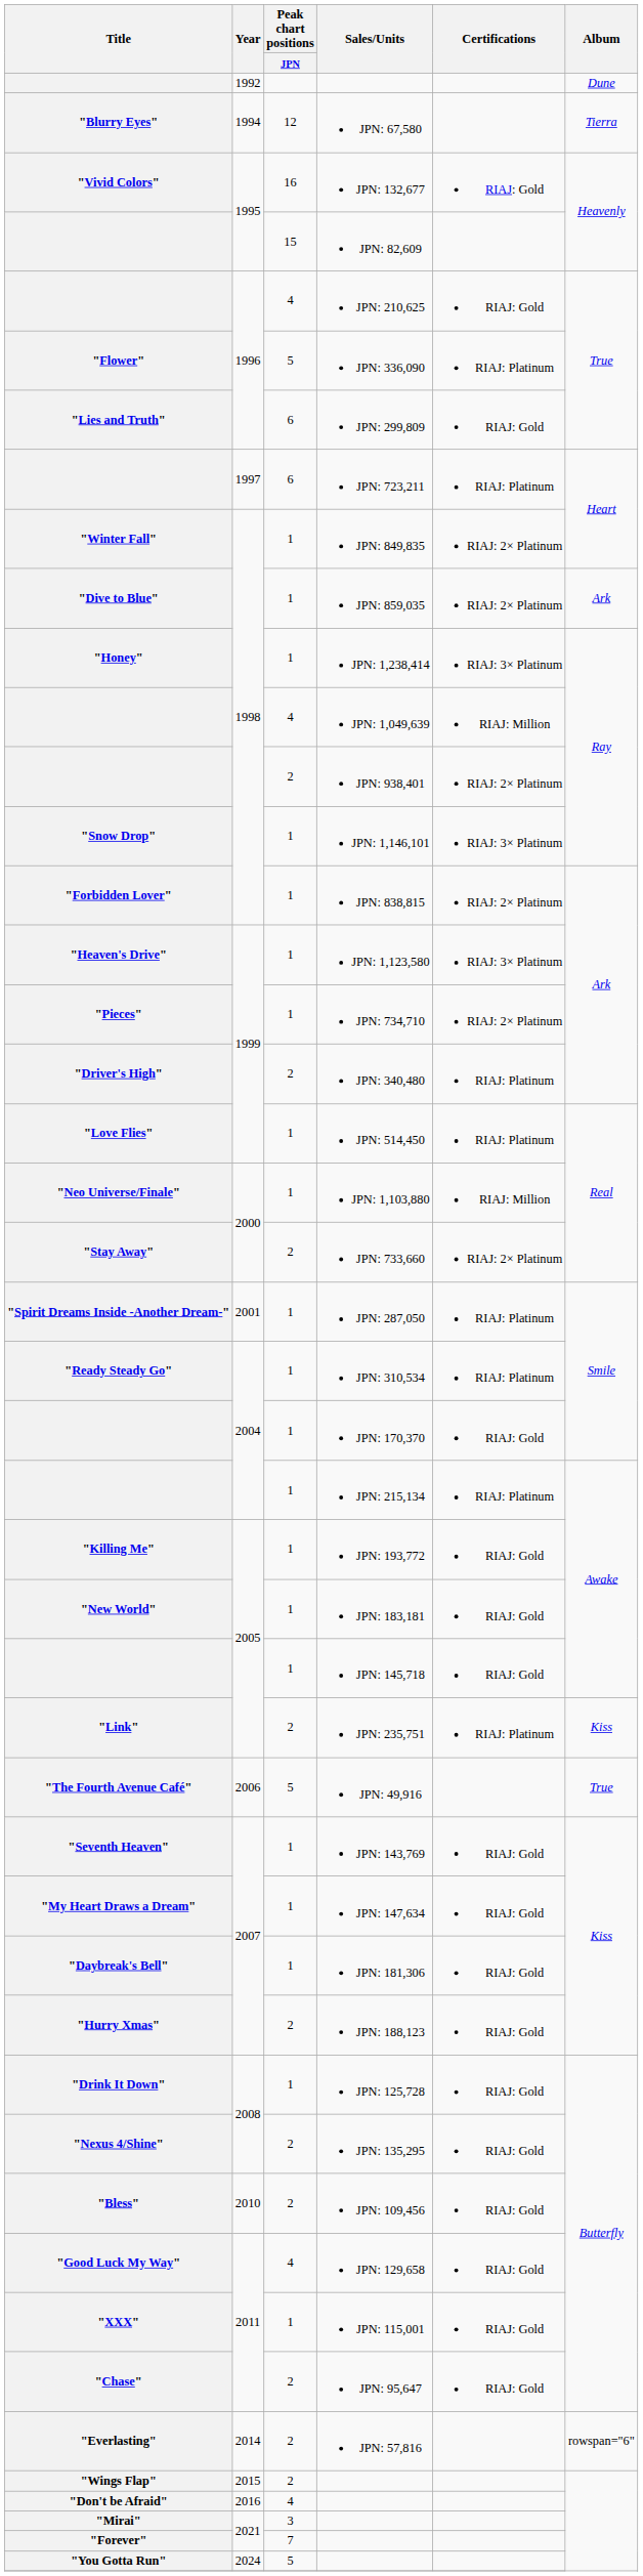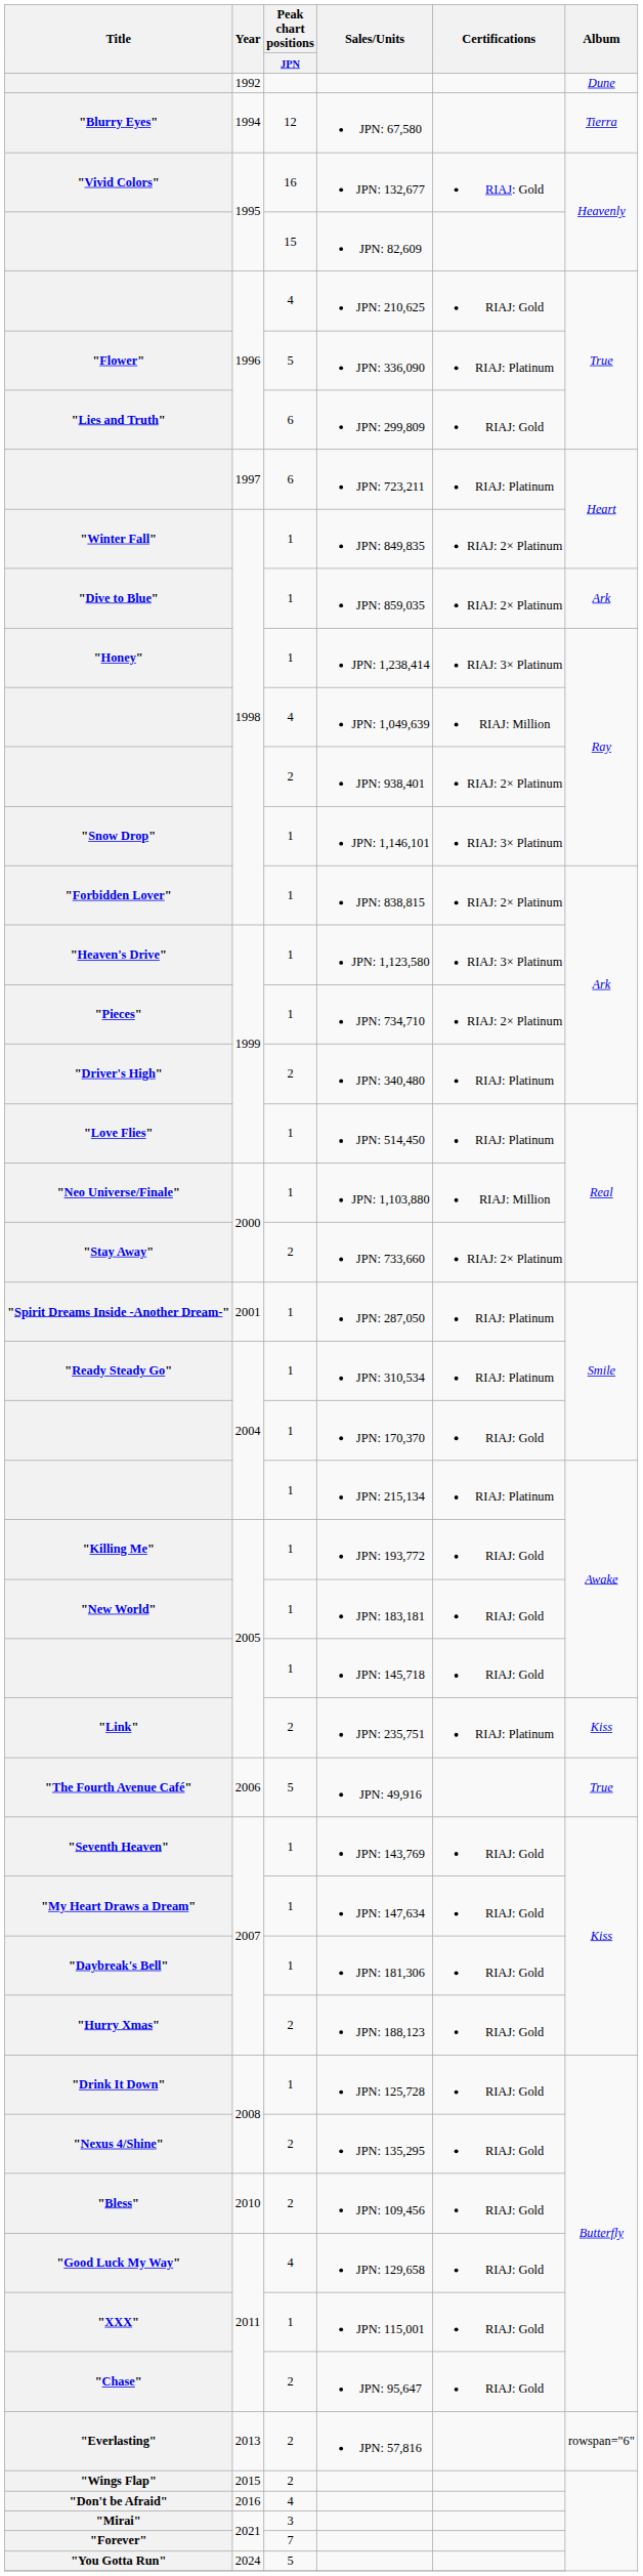 <table class="wikitable plainrowheaders" style="text-align:center;">
 <tr>
 <th rowspan="2" scope="col">Title</th>
 <th rowspan="2" scope="col">Year</th>
 <th colspan="1">Peak chart positions</th>
 <th rowspan="2" scope="col">Sales/Units</th>
 <th rowspan="2">Certifications</th>
 <th rowspan="2">Album</th>
 </tr>
 <tr>
 <th style="width:3em;"><small><a href='#'>JPN</a></small><br></th>
 </tr>
 <tr>
 <th scope="row"></th>
 <td>1992</td>
 <td></td>
 <td></td>
 <td></td>
 <td><em><a href='#'>Dune</a></em></td>
 </tr>
 <tr>
 <th scope="row">"<a href='#'>Blurry Eyes</a>"</th>
 <td>1994</td>
 <td>12</td>
 <td><br><ul><li>JPN: 67,580</li></ul></td>
 <td></td>
 <td><em><a href='#'>Tierra</a></em></td>
 </tr>
 <tr>
 <th scope="row">"<a href='#'>Vivid Colors</a>"</th>
 <td rowspan="2">1995</td>
 <td>16</td>
 <td><br><ul><li>JPN: 132,677</li></ul></td>
 <td><br><ul><li><a href='#'>RIAJ</a>: Gold</li></ul></td>
 <td rowspan="2" style="text-align:center;"><em><a href='#'>Heavenly</a></em></td>
 </tr>
 <tr>
 <th scope="row"></th>
 <td>15</td>
 <td><br><ul><li>JPN: 82,609</li></ul></td>
 <td></td>
 </tr>
 <tr>
 <th scope="row"></th>
 <td rowspan="3">1996</td>
 <td>4</td>
 <td><br><ul><li>JPN: 210,625</li></ul></td>
 <td><br><ul><li>RIAJ: Gold</li></ul></td>
 <td rowspan="3"><em><a href='#'>True</a></em></td>
 </tr>
 <tr>
 <th scope="row">"<a href='#'>Flower</a>"</th>
 <td>5</td>
 <td><br><ul><li>JPN: 336,090</li></ul></td>
 <td><br><ul><li>RIAJ: Platinum</li></ul></td>
 </tr>
 <tr>
 <th scope="row">"<a href='#'>Lies and Truth</a>"</th>
 <td>6</td>
 <td><br><ul><li>JPN: 299,809</li></ul></td>
 <td><br><ul><li>RIAJ: Gold</li></ul></td>
 </tr>
 <tr>
 <th scope="row"></th>
 <td>1997</td>
 <td>6</td>
 <td><br><ul><li>JPN: 723,211</li></ul></td>
 <td><br><ul><li>RIAJ: Platinum</li></ul></td>
 <td rowspan="2"><em><a href='#'>Heart</a></em></td>
 </tr>
 <tr>
 <th scope="row">"<a href='#'>Winter Fall</a>"</th>
 <td rowspan="7">1998</td>
 <td>1</td>
 <td><br><ul><li>JPN: 849,835</li></ul></td>
 <td><br><ul><li>RIAJ: 2× Platinum</li></ul></td>
 </tr>
 <tr>
 <th scope="row">"<a href='#'>Dive to Blue</a>"</th>
 <td>1</td>
 <td><br><ul><li>JPN: 859,035</li></ul></td>
 <td><br><ul><li>RIAJ: 2× Platinum</li></ul></td>
 <td><em><a href='#'>Ark</a></em></td>
 </tr>
 <tr>
 <th scope="row">"<a href='#'>Honey</a>"</th>
 <td>1</td>
 <td><br><ul><li>JPN: 1,238,414</li></ul></td>
 <td><br><ul><li>RIAJ: 3× Platinum</li></ul></td>
 <td rowspan="4"><em><a href='#'>Ray</a></em></td>
 </tr>
 <tr>
 <th scope="row"></th>
 <td>4</td>
 <td><br><ul><li>JPN: 1,049,639</li></ul></td>
 <td><br><ul><li>RIAJ: Million</li></ul></td>
 </tr>
 <tr>
 <th scope="row"></th>
 <td>2</td>
 <td><br><ul><li>JPN: 938,401</li></ul></td>
 <td><br><ul><li>RIAJ: 2× Platinum</li></ul></td>
 </tr>
 <tr>
 <th scope="row">"<a href='#'>Snow Drop</a>"</th>
 <td>1</td>
 <td><br><ul><li>JPN: 1,146,101</li></ul></td>
 <td><br><ul><li>RIAJ: 3× Platinum</li></ul></td>
 </tr>
 <tr>
 <th scope="row">"<a href='#'>Forbidden Lover</a>"</th>
 <td>1</td>
 <td><br><ul><li>JPN: 838,815</li></ul></td>
 <td><br><ul><li>RIAJ: 2× Platinum</li></ul></td>
 <td rowspan="4"><em><a href='#'>Ark</a></em></td>
 </tr>
 <tr>
 <th scope="row">"<a href='#'>Heaven's Drive</a>"</th>
 <td rowspan="4">1999</td>
 <td>1</td>
 <td><br><ul><li>JPN: 1,123,580</li></ul></td>
 <td><br><ul><li>RIAJ: 3× Platinum</li></ul></td>
 </tr>
 <tr>
 <th scope="row">"<a href='#'>Pieces</a>"</th>
 <td>1</td>
 <td><br><ul><li>JPN: 734,710</li></ul></td>
 <td><br><ul><li>RIAJ: 2× Platinum</li></ul></td>
 </tr>
 <tr>
 <th scope="row">"<a href='#'>Driver's High</a>"</th>
 <td>2</td>
 <td><br><ul><li>JPN: 340,480</li></ul></td>
 <td><br><ul><li>RIAJ: Platinum</li></ul></td>
 </tr>
 <tr>
 <th scope="row">"<a href='#'>Love Flies</a>"</th>
 <td>1</td>
 <td><br><ul><li>JPN: 514,450</li></ul></td>
 <td><br><ul><li>RIAJ: Platinum</li></ul></td>
 <td rowspan="3"><em><a href='#'>Real</a></em></td>
 </tr>
 <tr>
 <th scope="row">"<a href='#'>Neo Universe/Finale</a>"</th>
 <td rowspan="2">2000</td>
 <td>1</td>
 <td><br><ul><li>JPN: 1,103,880</li></ul></td>
 <td><br><ul><li>RIAJ: Million</li></ul></td>
 </tr>
 <tr>
 <th scope="row">"<a href='#'>Stay Away</a>"</th>
 <td>2</td>
 <td><br><ul><li>JPN: 733,660</li></ul></td>
 <td><br><ul><li>RIAJ: 2× Platinum</li></ul></td>
 </tr>
 <tr>
 <th scope="row">"<a href='#'>Spirit Dreams Inside -Another Dream-</a>"</th>
 <td>2001</td>
 <td>1</td>
 <td><br><ul><li>JPN: 287,050</li></ul></td>
 <td><br><ul><li>RIAJ: Platinum</li></ul></td>
 <td rowspan="3"><em><a href='#'>Smile</a></em></td>
 </tr>
 <tr>
 <th scope="row">"<a href='#'>Ready Steady Go</a>"</th>
 <td rowspan="3">2004</td>
 <td>1</td>
 <td><br><ul><li>JPN: 310,534</li></ul></td>
 <td><br><ul><li>RIAJ: Platinum</li></ul></td>
 </tr>
 <tr>
 <th scope="row"></th>
 <td>1</td>
 <td><br><ul><li>JPN: 170,370</li></ul></td>
 <td><br><ul><li>RIAJ: Gold</li></ul></td>
 </tr>
 <tr>
 <th scope="row"></th>
 <td>1</td>
 <td><br><ul><li>JPN: 215,134</li></ul></td>
 <td><br><ul><li>RIAJ: Platinum</li></ul></td>
 <td rowspan="4"><em><a href='#'>Awake</a></em></td>
 </tr>
 <tr>
 <th scope="row">"<a href='#'>Killing Me</a>"</th>
 <td rowspan="4">2005</td>
 <td>1</td>
 <td><br><ul><li>JPN: 193,772</li></ul></td>
 <td><br><ul><li>RIAJ: Gold</li></ul></td>
 </tr>
 <tr>
 <th scope="row">"<a href='#'>New World</a>"</th>
 <td>1</td>
 <td><br><ul><li>JPN: 183,181</li></ul></td>
 <td><br><ul><li>RIAJ: Gold</li></ul></td>
 </tr>
 <tr>
 <th scope="row"></th>
 <td>1</td>
 <td><br><ul><li>JPN: 145,718</li></ul></td>
 <td><br><ul><li>RIAJ: Gold</li></ul></td>
 </tr>
 <tr>
 <th scope="row">"<a href='#'>Link</a>"</th>
 <td>2</td>
 <td><br><ul><li>JPN: 235,751</li></ul></td>
 <td><br><ul><li>RIAJ: Platinum</li></ul></td>
 <td><em><a href='#'>Kiss</a></em></td>
 </tr>
 <tr>
 <th scope="row">"<a href='#'>The Fourth Avenue Café</a>"</th>
 <td>2006</td>
 <td>5</td>
 <td><br><ul><li>JPN: 49,916</li></ul></td>
 <td></td>
 <td><em><a href='#'>True</a></em></td>
 </tr>
 <tr>
 <th scope="row">"<a href='#'>Seventh Heaven</a>"</th>
 <td rowspan="4">2007</td>
 <td>1</td>
 <td><br><ul><li>JPN: 143,769</li></ul></td>
 <td><br><ul><li>RIAJ: Gold</li></ul></td>
 <td rowspan="4"><em><a href='#'>Kiss</a></em></td>
 </tr>
 <tr>
 <th scope="row">"<a href='#'>My Heart Draws a Dream</a>"</th>
 <td>1</td>
 <td><br><ul><li>JPN: 147,634</li></ul></td>
 <td><br><ul><li>RIAJ: Gold</li></ul></td>
 </tr>
 <tr>
 <th scope="row">"<a href='#'>Daybreak's Bell</a>"</th>
 <td>1</td>
 <td><br><ul><li>JPN: 181,306</li></ul></td>
 <td><br><ul><li>RIAJ: Gold</li></ul></td>
 </tr>
 <tr>
 <th scope="row">"<a href='#'>Hurry Xmas</a>"</th>
 <td>2</td>
 <td><br><ul><li>JPN: 188,123</li></ul></td>
 <td><br><ul><li>RIAJ: Gold</li></ul></td>
 </tr>
 <tr>
 <th scope="row">"<a href='#'>Drink It Down</a>"</th>
 <td rowspan="2">2008</td>
 <td>1</td>
 <td><br><ul><li>JPN: 125,728</li></ul></td>
 <td><br><ul><li>RIAJ: Gold</li></ul></td>
 <td rowspan="6"><em><a href='#'>Butterfly</a></em></td>
 </tr>
 <tr>
 <th scope="row">"<a href='#'>Nexus 4/Shine</a>"</th>
 <td>2</td>
 <td><br><ul><li>JPN: 135,295</li></ul></td>
 <td><br><ul><li>RIAJ: Gold</li></ul></td>
 </tr>
 <tr>
 <th scope="row">"<a href='#'>Bless</a>"</th>
 <td>2010</td>
 <td>2</td>
 <td><br><ul><li>JPN: 109,456</li></ul></td>
 <td><br><ul><li>RIAJ: Gold</li></ul></td>
 </tr>
 <tr>
 <th scope="row">"<a href='#'>Good Luck My Way</a>"</th>
 <td rowspan="3">2011</td>
 <td>4</td>
 <td><br><ul><li>JPN: 129,658</li></ul></td>
 <td><br><ul><li>RIAJ: Gold</li></ul></td>
 </tr>
 <tr>
 <th scope="row">"<a href='#'>XXX</a>"</th>
 <td>1</td>
 <td><br><ul><li>JPN: 115,001</li></ul></td>
 <td><br><ul><li>RIAJ: Gold</li></ul></td>
 </tr>
 <tr>
 <th scope="row">"<a href='#'>Chase</a>"</th>
 <td>2</td>
 <td><br><ul><li>JPN: 95,647</li></ul></td>
 <td><br><ul><li>RIAJ: Gold</li></ul></td>
 </tr>
 <tr>
 <th scope="row">"Everlasting"</th>
-<td>2014</td>
+<td>2013</td>
 <td>2</td>
 <td><br><ul><li>JPN: 57,816</li></ul></td>
 <td></td>
 <td>rowspan="6" </td>
 </tr>
 <tr>
 <th scope="row">"Wings Flap"</th>
 <td>2015</td>
 <td>2</td>
 <td></td>
 <td></td>
 </tr>
 <tr>
 <th scope="row">"Don't be Afraid"</th>
 <td>2016</td>
 <td>4</td>
 <td></td>
 <td></td>
 </tr>
 <tr>
 <th scope="row">"Mirai"</th>
 <td rowspan="2">2021</td>
 <td>3</td>
 <td></td>
 <td></td>
 </tr>
 <tr>
 <th scope="row">"Forever"</th>
 <td>7</td>
 <td></td>
 <td></td>
 </tr>
 <tr>
 <th scope="row">"You Gotta Run"</th>
 <td>2024</td>
 <td>5</td>
 <td></td>
 <td></td>
 </tr>
 <tr>
 </tr>
 </table>
